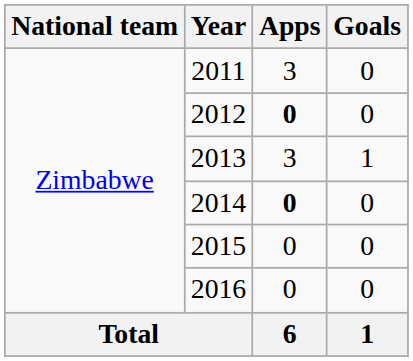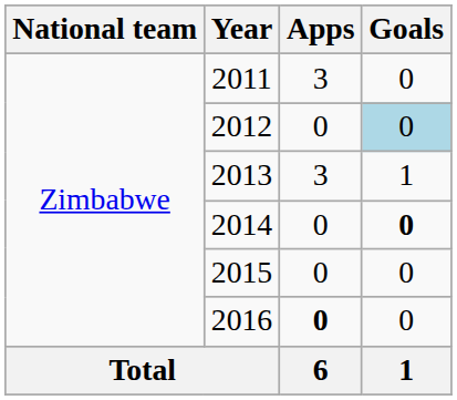 <table class="wikitable" style="text-align:center">
 <tr>
 <th>National team</th>
 <th>Year</th>
 <th>Apps</th>
 <th>Goals</th>
 </tr>
 <tr>
 <td rowspan="6"><a href='#'>Zimbabwe</a></td>
 <td>2011</td>
 <td>3</td>
 <td>0</td>
 </tr>
 <tr>
 <td>2012</td>
-<td><strong>0</strong></td>
 <td>0</td>
+<td style="background: lightblue;">0</td>
 </tr>
 <tr>
 <td>2013</td>
 <td>3</td>
 <td>1</td>
 </tr>
 <tr>
 <td>2014</td>
+<td>0</td>
 <td><strong>0</strong></td>
-<td>0</td>
 </tr>
 <tr>
 <td>2015</td>
 <td>0</td>
 <td>0</td>
 </tr>
 <tr>
 <td>2016</td>
-<td>0</td>
+<td><strong>0</strong></td>
 <td>0</td>
 </tr>
 <tr>
 <th colspan=2>Total</th>
 <th>6</th>
 <th>1</th>
 </tr>
 </table>
